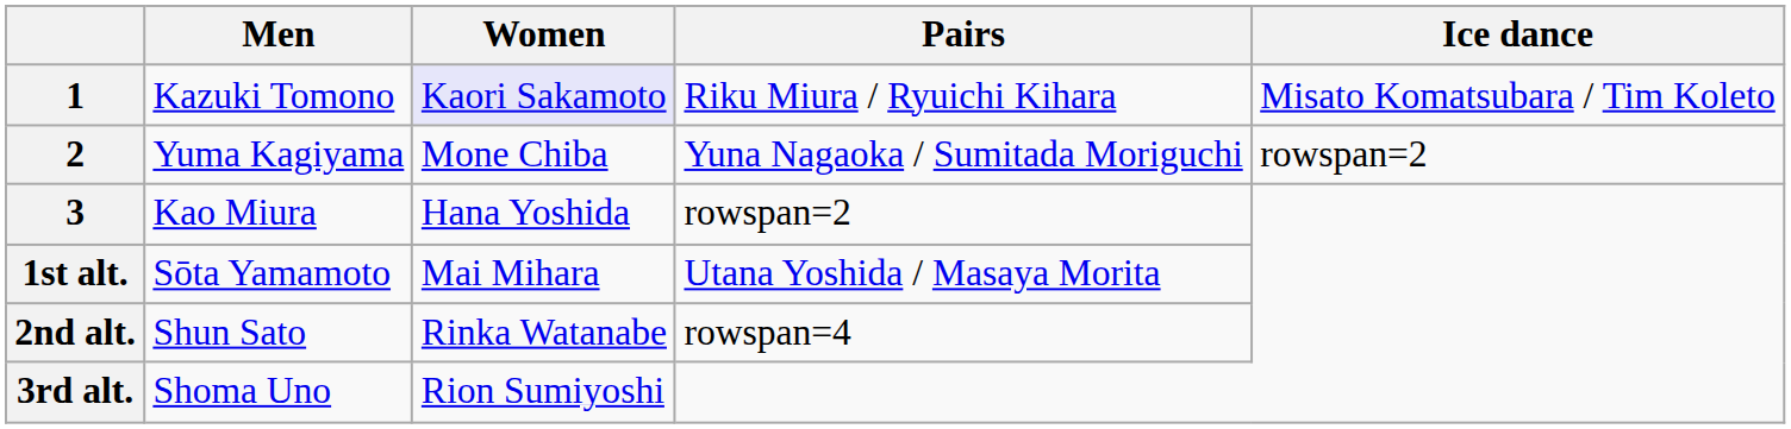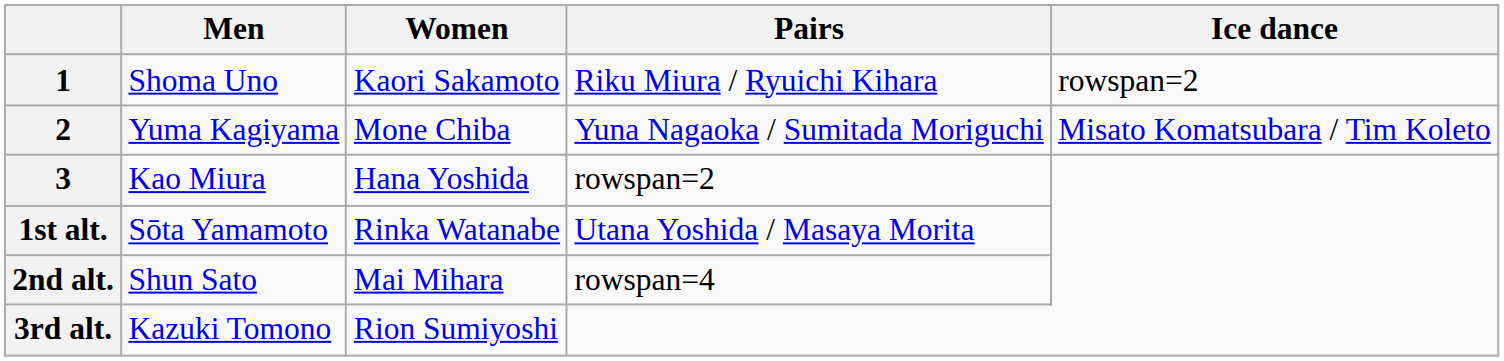 <table class="wikitable">
 <tr>
 <th></th>
 <th>Men</th>
 <th>Women</th>
 <th>Pairs</th>
 <th>Ice dance</th>
 </tr>
 <tr>
 <th>1</th>
-<td><a href='#'>Kazuki Tomono</a></td>
-<td style="background: lavender;"><a href='#'>Kaori Sakamoto</a></td>
+<td><a href='#'>Shoma Uno</a></td>
+<td><a href='#'>Kaori Sakamoto</a></td>
 <td><a href='#'>Riku Miura</a> / <a href='#'>Ryuichi Kihara</a></td>
-<td><a href='#'>Misato Komatsubara</a> / <a href='#'>Tim Koleto</a></td>
+<td>rowspan=2 </td>
 </tr>
 <tr>
 <th>2</th>
 <td><a href='#'>Yuma Kagiyama</a></td>
 <td><a href='#'>Mone Chiba</a></td>
 <td><a href='#'>Yuna Nagaoka</a> / <a href='#'>Sumitada Moriguchi</a></td>
-<td>rowspan=2 </td>
+<td><a href='#'>Misato Komatsubara</a> / <a href='#'>Tim Koleto</a></td>
 </tr>
 <tr>
 <th>3</th>
 <td><a href='#'>Kao Miura</a></td>
 <td><a href='#'>Hana Yoshida</a></td>
 <td>rowspan=2 </td>
 </tr>
 <tr>
 <th>1st alt.</th>
 <td><a href='#'>Sōta Yamamoto</a></td>
-<td><a href='#'>Mai Mihara</a></td>
+<td><a href='#'>Rinka Watanabe</a></td>
 <td><a href='#'>Utana Yoshida</a> / <a href='#'>Masaya Morita</a></td>
 </tr>
 <tr>
 <th>2nd alt.</th>
 <td><a href='#'>Shun Sato</a></td>
-<td><a href='#'>Rinka Watanabe</a></td>
+<td><a href='#'>Mai Mihara</a></td>
 <td>rowspan=4 </td>
 </tr>
 <tr>
 <th>3rd alt.</th>
-<td><a href='#'>Shoma Uno</a></td>
+<td><a href='#'>Kazuki Tomono</a></td>
 <td><a href='#'>Rion Sumiyoshi</a></td>
 </tr>
 </table>
